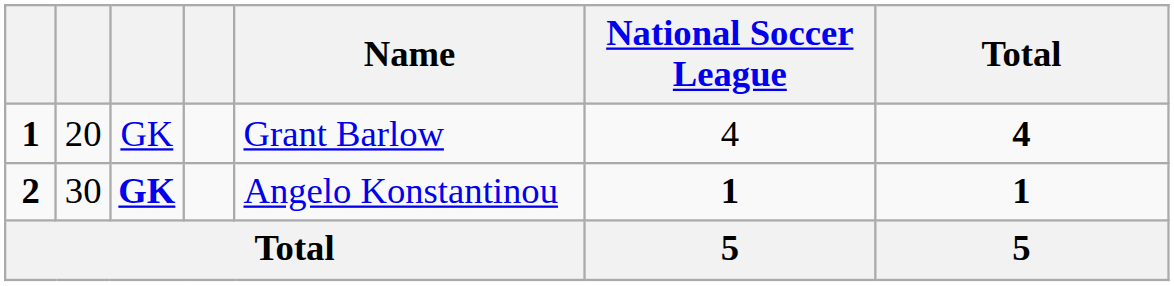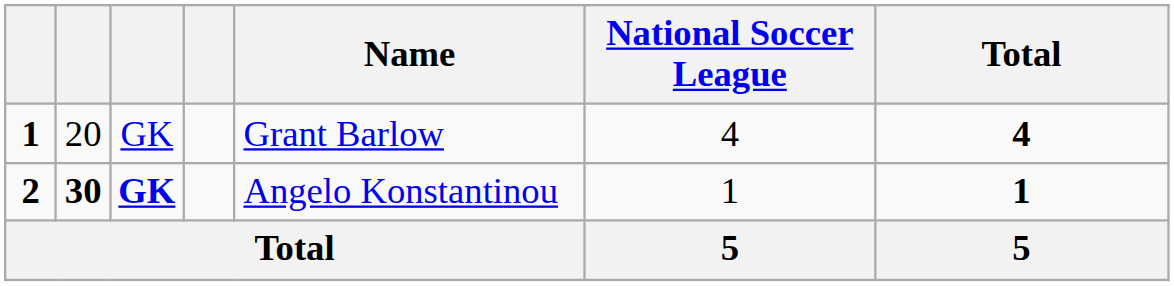 <table class="wikitable" style="text-align:center">
 <tr>
 <th width=15></th>
 <th width=15></th>
 <th width=15></th>
 <th width=15></th>
 <th width=145>Name</th>
 <th width=120><a href='#'>National Soccer League</a></th>
 <th width=120>Total</th>
 </tr>
 <tr>
 <td><strong>1</strong></td>
 <td>20</td>
 <td><a href='#'>GK</a></td>
 <td></td>
 <td align=left><a href='#'>Grant Barlow</a></td>
 <td>4</td>
 <td><strong>4</strong></td>
 </tr>
 <tr>
 <td><strong>2</strong></td>
-<td>30</td>
+<td><strong>30</strong></td>
 <td><strong><a href='#'>GK</a></strong></td>
 <td></td>
 <td align=left><a href='#'>Angelo Konstantinou</a></td>
-<td><strong>1</strong></td>
+<td>1</td>
 <td><strong>1</strong></td>
 </tr>
 <tr>
 <th colspan="5"><strong>Total</strong></th>
 <th>5</th>
 <th>5</th>
 </tr>
 </table>
